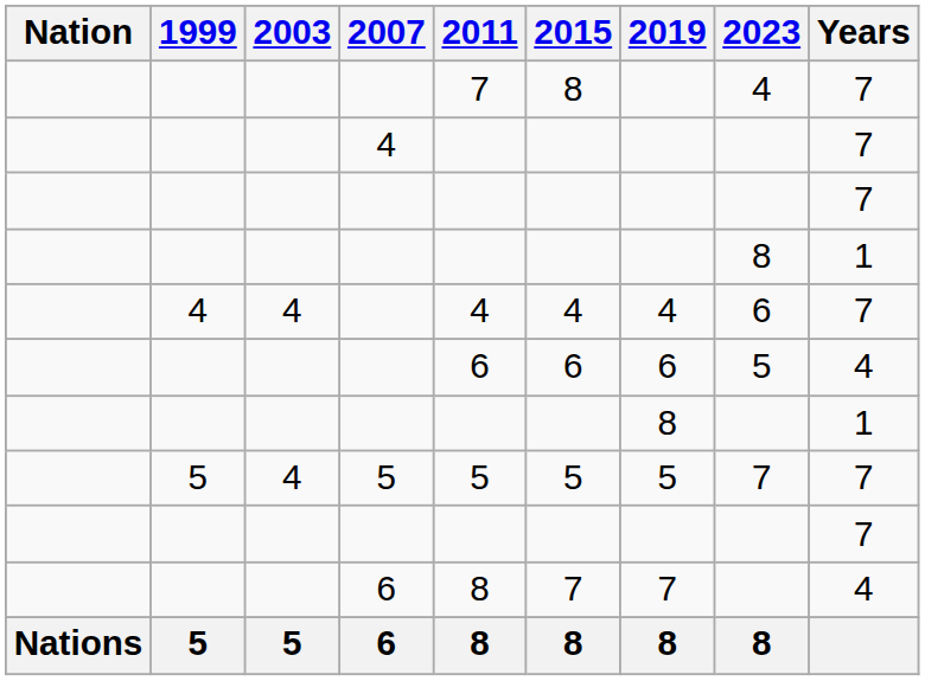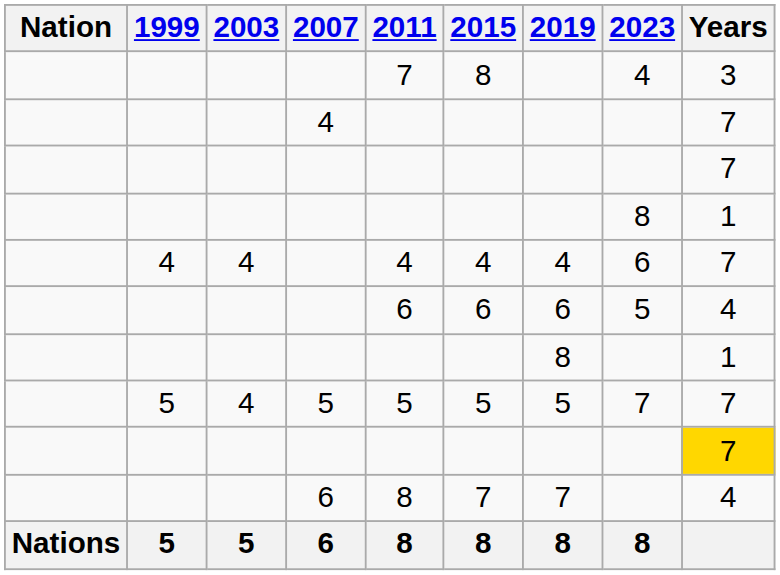 <table class="wikitable" style="text-align:center">
 <tr>
 <th>Nation</th>
 <th><a href='#'>1999</a></th>
 <th><a href='#'>2003</a></th>
 <th><a href='#'>2007</a></th>
 <th><a href='#'>2011</a></th>
 <th><a href='#'>2015</a></th>
 <th><a href='#'>2019</a></th>
 <th><a href='#'>2023</a></th>
 <th>Years</th>
 </tr>
 <tr>
 <td align=left></td>
 <td></td>
 <td></td>
 <td></td>
 <td>7</td>
 <td>8</td>
 <td></td>
 <td>4</td>
-<td>7</td>
+<td>3</td>
 </tr>
 <tr>
 <td align=left></td>
 <td></td>
 <td></td>
 <td>4</td>
 <td></td>
 <td></td>
 <td></td>
 <td></td>
 <td>7</td>
 </tr>
 <tr>
 <td align=left></td>
 <td></td>
 <td></td>
 <td></td>
 <td></td>
 <td></td>
 <td></td>
 <td></td>
 <td>7</td>
 </tr>
 <tr>
 <td align=left></td>
 <td></td>
 <td></td>
 <td></td>
 <td></td>
 <td></td>
 <td></td>
 <td>8</td>
 <td>1</td>
 </tr>
 <tr>
 <td align=left></td>
 <td>4</td>
 <td>4</td>
 <td></td>
 <td>4</td>
 <td>4</td>
 <td>4</td>
 <td>6</td>
 <td>7</td>
 </tr>
 <tr>
 <td align=left></td>
 <td></td>
 <td></td>
 <td></td>
 <td>6</td>
 <td>6</td>
 <td>6</td>
 <td>5</td>
 <td>4</td>
 </tr>
 <tr>
 <td align=left></td>
 <td></td>
 <td></td>
 <td></td>
 <td></td>
 <td></td>
 <td>8</td>
 <td></td>
 <td>1</td>
 </tr>
 <tr>
 <td align=left></td>
 <td>5</td>
 <td>4</td>
 <td>5</td>
 <td>5</td>
 <td>5</td>
 <td>5</td>
 <td>7</td>
 <td>7</td>
 </tr>
 <tr>
 <td align=left></td>
 <td></td>
 <td></td>
 <td></td>
 <td></td>
 <td></td>
 <td></td>
 <td></td>
-<td>7</td>
+<td style="background: gold;">7</td>
 </tr>
 <tr>
 <td align=left></td>
 <td></td>
 <td></td>
 <td>6</td>
 <td>8</td>
 <td>7</td>
 <td>7</td>
 <td></td>
 <td>4</td>
 </tr>
 <tr>
 <th><strong>Nations</strong></th>
 <th>5</th>
 <th>5</th>
 <th>6</th>
 <th>8</th>
 <th>8</th>
 <th>8</th>
 <th>8</th>
 <th></th>
 </tr>
 </table>
